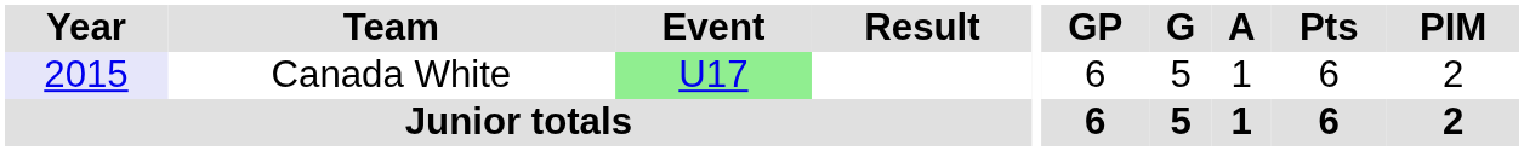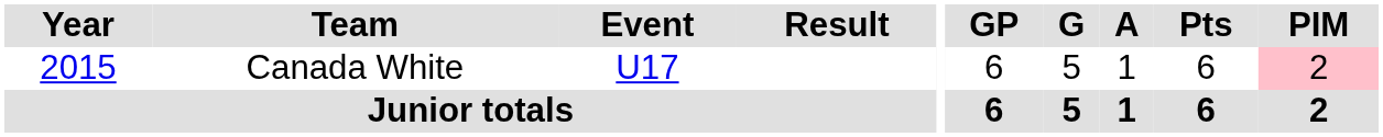 <table border="0" cellpadding="1" cellspacing="0" ID="Table3" style="text-align:center; width:40em">
 <tr bgcolor="#e0e0e0">
 <th>Year</th>
 <th>Team</th>
 <th>Event</th>
 <th>Result</th>
 <th rowspan="99" bgcolor="#ffffff"></th>
 <th>GP</th>
 <th>G</th>
 <th>A</th>
 <th>Pts</th>
 <th>PIM</th>
 </tr>
 <tr>
-<td style="background: lavender;"><a href='#'>2015</a></td>
+<td><a href='#'>2015</a></td>
 <td>Canada White</td>
-<td style="background: lightgreen;"><a href='#'>U17</a></td>
+<td><a href='#'>U17</a></td>
 <td></td>
 <td>6</td>
 <td>5</td>
 <td>1</td>
 <td>6</td>
-<td>2</td>
+<td style="background: pink;">2</td>
 </tr>
 <tr bgcolor="#e0e0e0">
 <th colspan="4">Junior totals</th>
 <th>6</th>
 <th>5</th>
 <th>1</th>
 <th>6</th>
 <th>2</th>
 </tr>
 </table>
